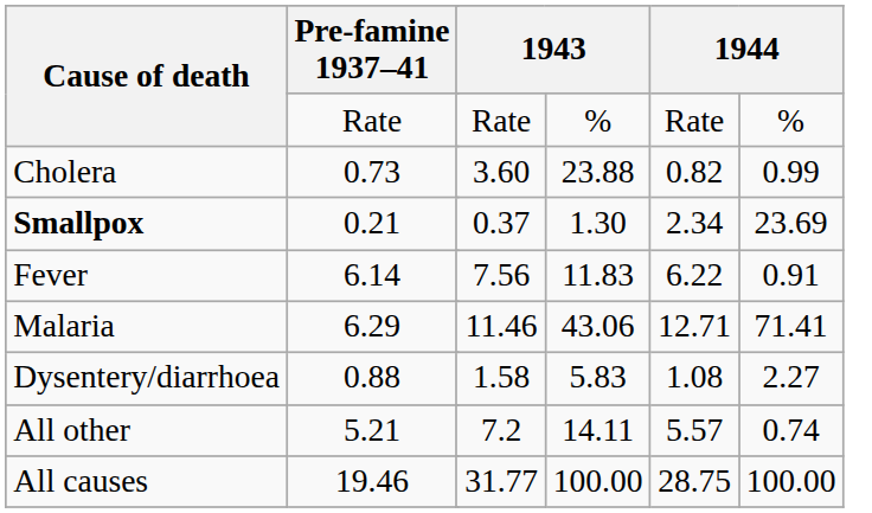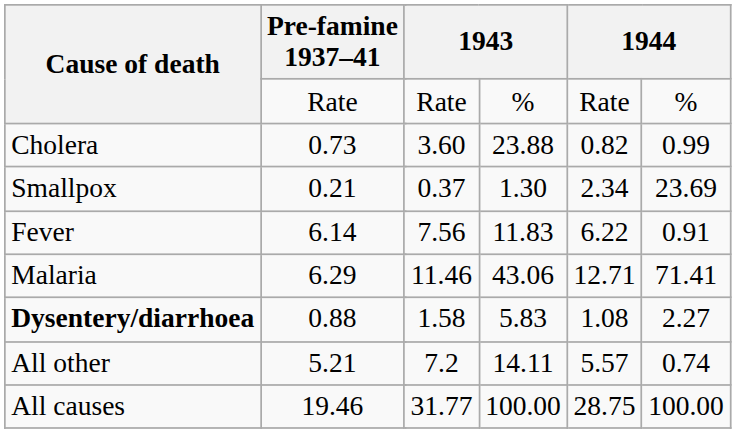 <table class="wikitable">
 <tr>
 <th rowspan="2" style="text-align: center;">Cause of death</th>
 <th colspan="2" style="text-align: center;">Pre-famine<br>1937–41</th>
 <th colspan="2" style="text-align: center;">1943</th>
 <th colspan="2" style="text-align: center;">1944</th>
 </tr>
 <tr>
 <td colspan="2" style="text-align: center;">Rate</td>
 <td style="text-align: center;">Rate</td>
 <td style="text-align: center;">%</td>
 <td style="text-align: center;">Rate</td>
 <td style="text-align: center;">%</td>
 </tr>
 <tr>
 <td>Cholera</td>
 <td colspan="2" style="text-align: center;">0.73</td>
 <td style="text-align: center;">3.60</td>
 <td style="text-align: center;">23.88</td>
 <td style="text-align: center;">0.82</td>
 <td style="text-align: center;">0.99</td>
 </tr>
 <tr>
-<td><strong>Smallpox</strong></td>
+<td>Smallpox</td>
 <td colspan="2" style="text-align: center;">0.21</td>
 <td style="text-align: center;">0.37</td>
 <td style="text-align: center;">1.30</td>
 <td style="text-align: center;">2.34</td>
 <td style="text-align: center;">23.69</td>
 </tr>
 <tr>
 <td>Fever</td>
 <td colspan="2" style="text-align: center;">6.14</td>
 <td style="text-align: center;">7.56</td>
 <td style="text-align: center;">11.83</td>
 <td style="text-align: center;">6.22</td>
 <td style="text-align: center;">0.91</td>
 </tr>
 <tr>
 <td>Malaria</td>
 <td colspan="2" style="text-align: center;">6.29</td>
 <td style="text-align: center;">11.46</td>
 <td style="text-align: center;">43.06</td>
 <td style="text-align: center;">12.71</td>
 <td style="text-align: center;">71.41</td>
 </tr>
 <tr>
-<td>Dysentery/diarrhoea</td>
+<td><strong>Dysentery/diarrhoea</strong></td>
 <td colspan="2" style="text-align: center;">0.88</td>
 <td style="text-align: center;">1.58</td>
 <td style="text-align: center;">5.83</td>
 <td style="text-align: center;">1.08</td>
 <td style="text-align: center;">2.27</td>
 </tr>
 <tr>
 <td>All other</td>
 <td colspan="2" style="text-align: center;">5.21</td>
 <td style="text-align: center;">7.2</td>
 <td style="text-align: center;">14.11</td>
 <td style="text-align: center;">5.57</td>
 <td style="text-align: center;">0.74</td>
 </tr>
 <tr>
 <td>All causes</td>
 <td colspan="2" style="text-align: center;">19.46</td>
 <td style="text-align: center;">31.77</td>
 <td style="text-align: center;">100.00</td>
 <td style="text-align: center;">28.75</td>
 <td style="text-align: center;">100.00</td>
 </tr>
 </table>
